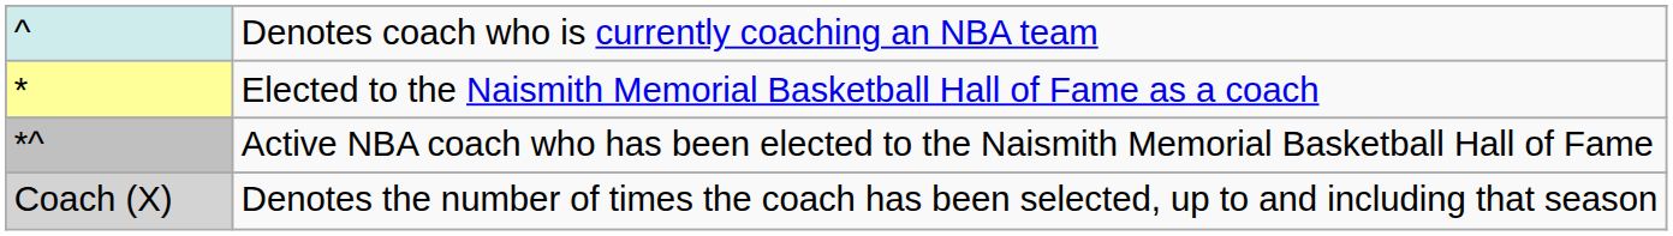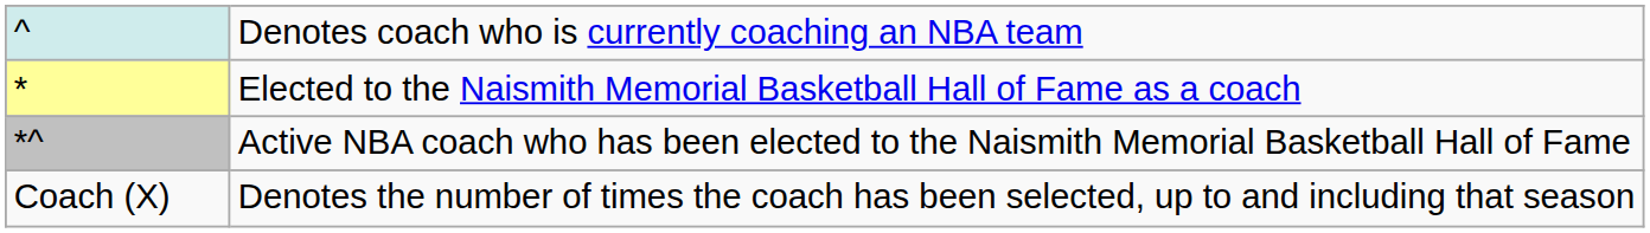 <table class="wikitable">
 <tr>
 <td style="background-color:#CFECEC; width:6em">^</td>
 <td>Denotes coach who is <a href='#'>currently coaching an NBA team</a></td>
 </tr>
 <tr>
 <td style="background-color:#FFFF99; width:6em">*</td>
 <td>Elected to the <a href='#'>Naismith Memorial Basketball Hall of Fame as a coach</a></td>
 </tr>
 <tr>
 <td style="background-color:silver; width:6em">*^</td>
 <td>Active NBA coach who has been elected to the Naismith Memorial Basketball Hall of Fame</td>
 </tr>
 <tr>
-<td style="background: lightgrey;">Coach (X)</td>
+<td>Coach (X)</td>
 <td>Denotes the number of times the coach has been selected, up to and including that season</td>
 </tr>
 </table>
